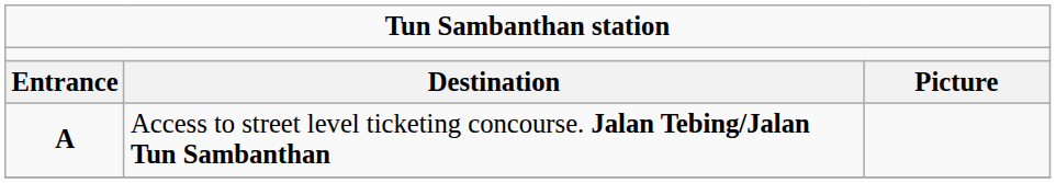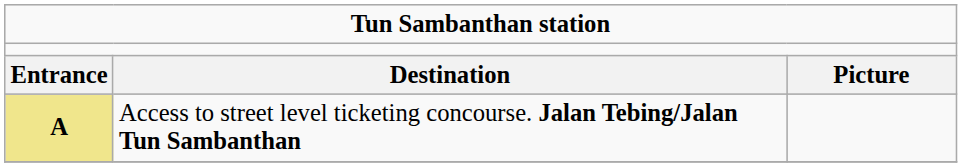 <table class="wikitable" style="width:70%">
 <tr>
 <td colspan=3 align="center"><strong>Tun Sambanthan  station</strong></td>
 </tr>
 <tr>
 <td colspan=3 align="center" bgcolor=></td>
 </tr>
 <tr>
 <th style="width:10%">Entrance</th>
 <th style="width:72%">Destination</th>
 <th style="width:18%">Picture</th>
 </tr>
 <tr>
-<td align="center"><strong><span>A</span></strong></td>
+<td align="center" style="background: khaki;"><strong><span>A</span></strong></td>
 <td>Access to street level ticketing concourse. <strong>Jalan Tebing/Jalan Tun Sambanthan</strong><br></td>
 <td></td>
 </tr>
 <tr>
 </tr>
 </table>
